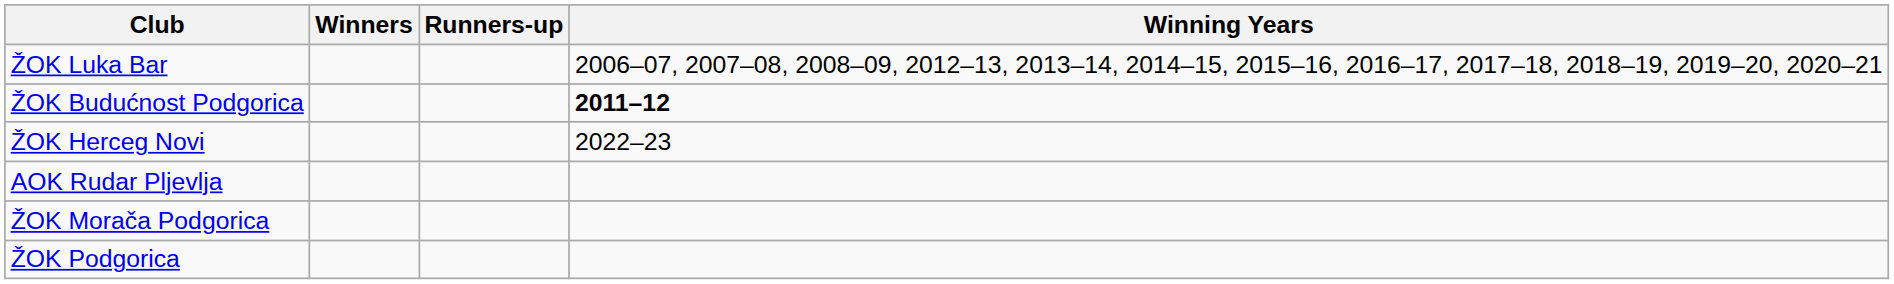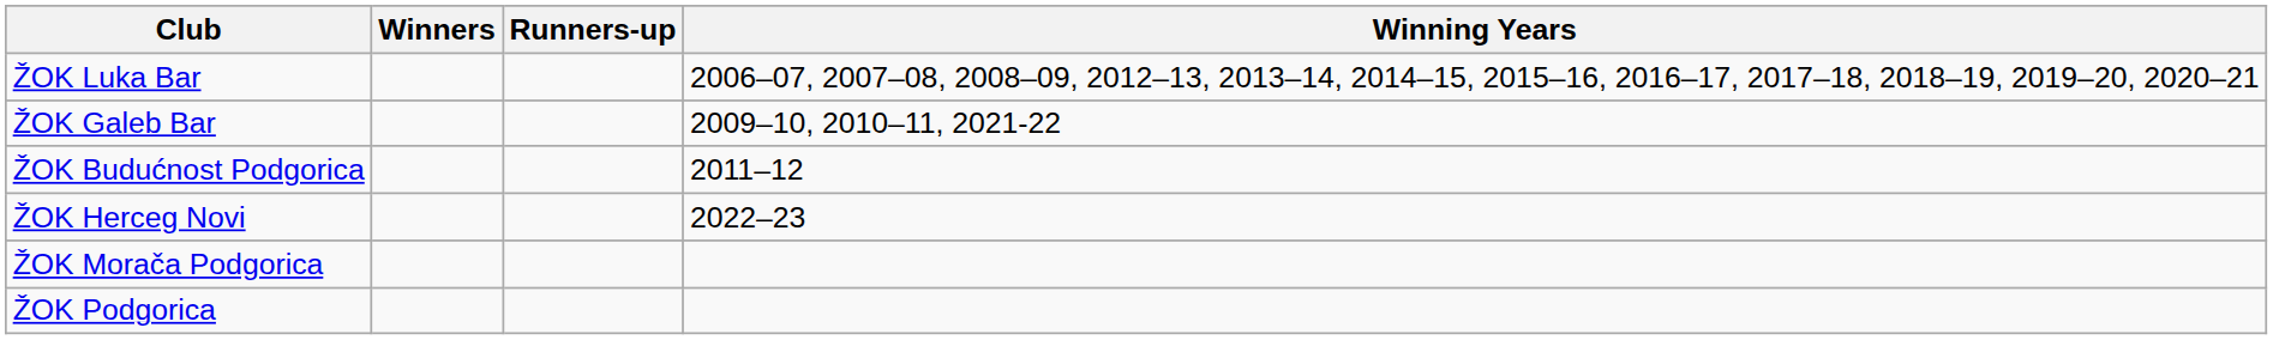 <table class="wikitable" style="font-size:90%">
 <tr>
 <th>Club</th>
 <th>Winners</th>
 <th>Runners-up</th>
 <th>Winning Years</th>
 </tr>
 <tr>
 <td><a href='#'>ŽOK Luka Bar</a></td>
 <td></td>
 <td></td>
 <td>2006–07, 2007–08, 2008–09, 2012–13, 2013–14, 2014–15, 2015–16, 2016–17, 2017–18, 2018–19, 2019–20, 2020–21</td>
 </tr>
 <tr>
+<td><a href='#'>ŽOK Galeb Bar</a></td>
+<td></td>
+<td></td>
+<td>2009–10, 2010–11, 2021-22</td>
+</tr>
+<tr>
 <td><a href='#'>ŽOK Budućnost Podgorica</a></td>
 <td></td>
 <td></td>
-<td><strong>2011–12</strong></td>
+<td>2011–12</td>
 </tr>
 <tr>
 <td><a href='#'>ŽOK Herceg Novi</a></td>
 <td></td>
 <td></td>
 <td>2022–23</td>
-</tr>
-<tr>
-<td><a href='#'>AOK Rudar Pljevlja</a></td>
-<td></td>
-<td></td>
-<td></td>
 </tr>
 <tr>
 <td><a href='#'>ŽOK Morača Podgorica</a></td>
 <td></td>
 <td></td>
 <td></td>
 </tr>
 <tr>
 <td><a href='#'>ŽOK Podgorica</a></td>
 <td></td>
 <td></td>
 <td></td>
 </tr>
 </table>
